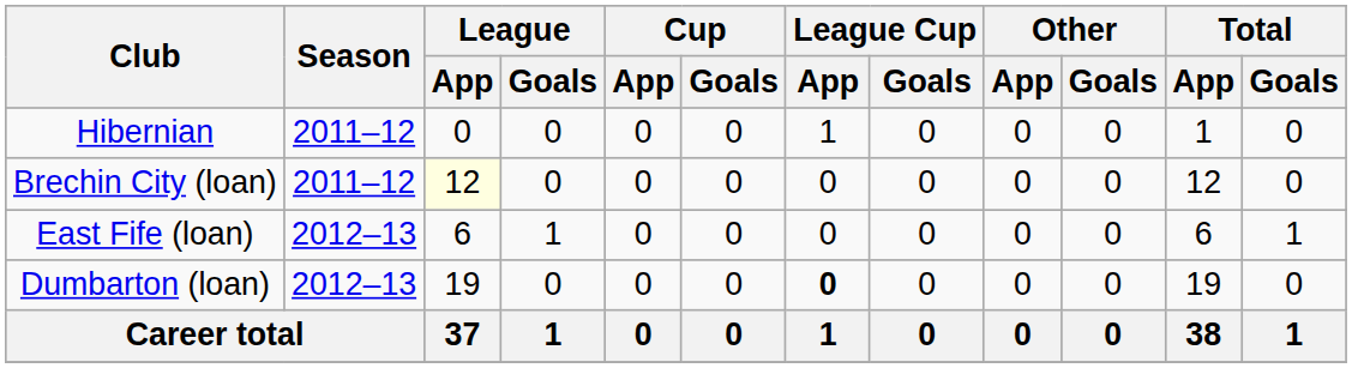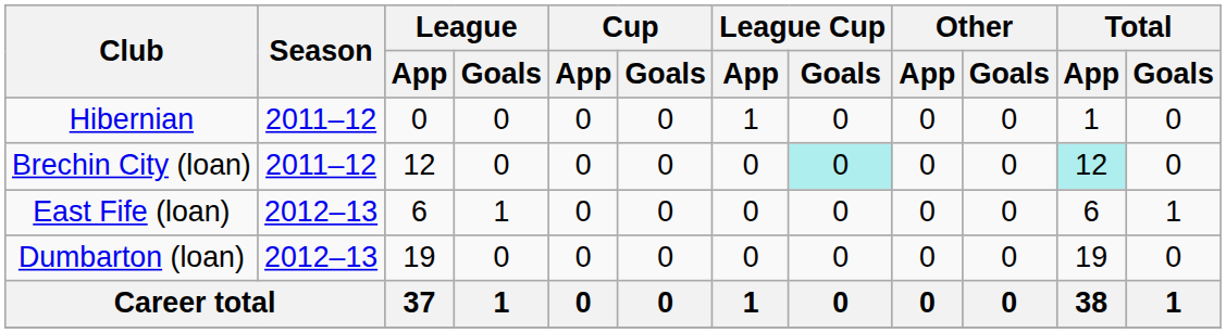 <table class="wikitable" style="font-size:100%; text-align:center">
 <tr>
 <th rowspan="2">Club</th>
 <th rowspan="2">Season</th>
 <th colspan="2">League</th>
 <th colspan="2">Cup</th>
 <th colspan="2">League Cup</th>
 <th colspan="2">Other</th>
 <th colspan="2">Total</th>
 </tr>
 <tr>
 <th>App</th>
 <th>Goals</th>
 <th>App</th>
 <th>Goals</th>
 <th>App</th>
 <th>Goals</th>
 <th>App</th>
 <th>Goals</th>
 <th>App</th>
 <th>Goals</th>
 </tr>
 <tr>
 <td rowspan=1 valign=centre><a href='#'>Hibernian</a></td>
 <td><a href='#'>2011–12</a></td>
 <td>0</td>
 <td>0</td>
 <td>0</td>
 <td>0</td>
 <td>1</td>
 <td>0</td>
 <td>0</td>
 <td>0</td>
 <td>1</td>
 <td>0</td>
 </tr>
 <tr>
 <td rowspan=1 valign=centre><a href='#'>Brechin City</a> (loan)</td>
 <td><a href='#'>2011–12</a></td>
-<td style="background: lightyellow;">12</td>
+<td>12</td>
 <td>0</td>
 <td>0</td>
 <td>0</td>
 <td>0</td>
+<td style="background: paleturquoise;">0</td>
 <td>0</td>
 <td>0</td>
-<td>0</td>
-<td>12</td>
+<td style="background: paleturquoise;">12</td>
 <td>0</td>
 </tr>
 <tr>
 <td rowspan=1 valign=centre><a href='#'>East Fife</a> (loan)</td>
 <td><a href='#'>2012–13</a></td>
 <td>6</td>
 <td>1</td>
 <td>0</td>
 <td>0</td>
 <td>0</td>
 <td>0</td>
 <td>0</td>
 <td>0</td>
 <td>6</td>
 <td>1</td>
 </tr>
 <tr>
 <td rowspan=1 valign=centre><a href='#'>Dumbarton</a> (loan)</td>
 <td><a href='#'>2012–13</a></td>
 <td>19</td>
 <td>0</td>
 <td>0</td>
 <td>0</td>
-<td><strong>0</strong></td>
+<td>0</td>
 <td>0</td>
 <td>0</td>
 <td>0</td>
 <td>19</td>
 <td>0</td>
 </tr>
 <tr>
 <th colspan="2">Career total</th>
 <th>37</th>
 <th>1</th>
 <th>0</th>
 <th>0</th>
 <th>1</th>
 <th>0</th>
 <th>0</th>
 <th>0</th>
 <th>38</th>
 <th>1</th>
 </tr>
 <tr>
 </tr>
 </table>
